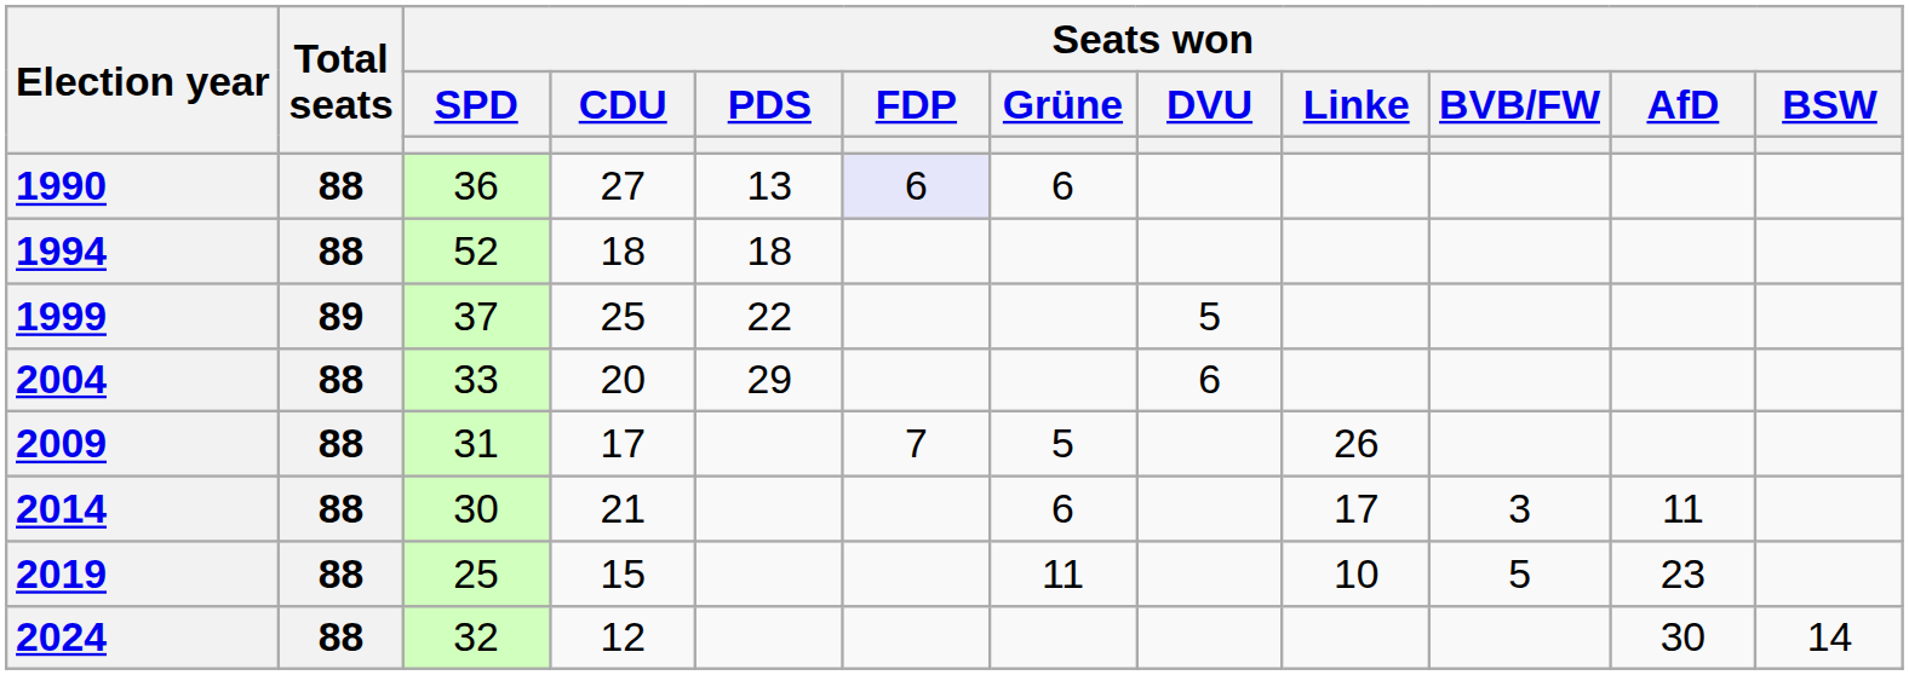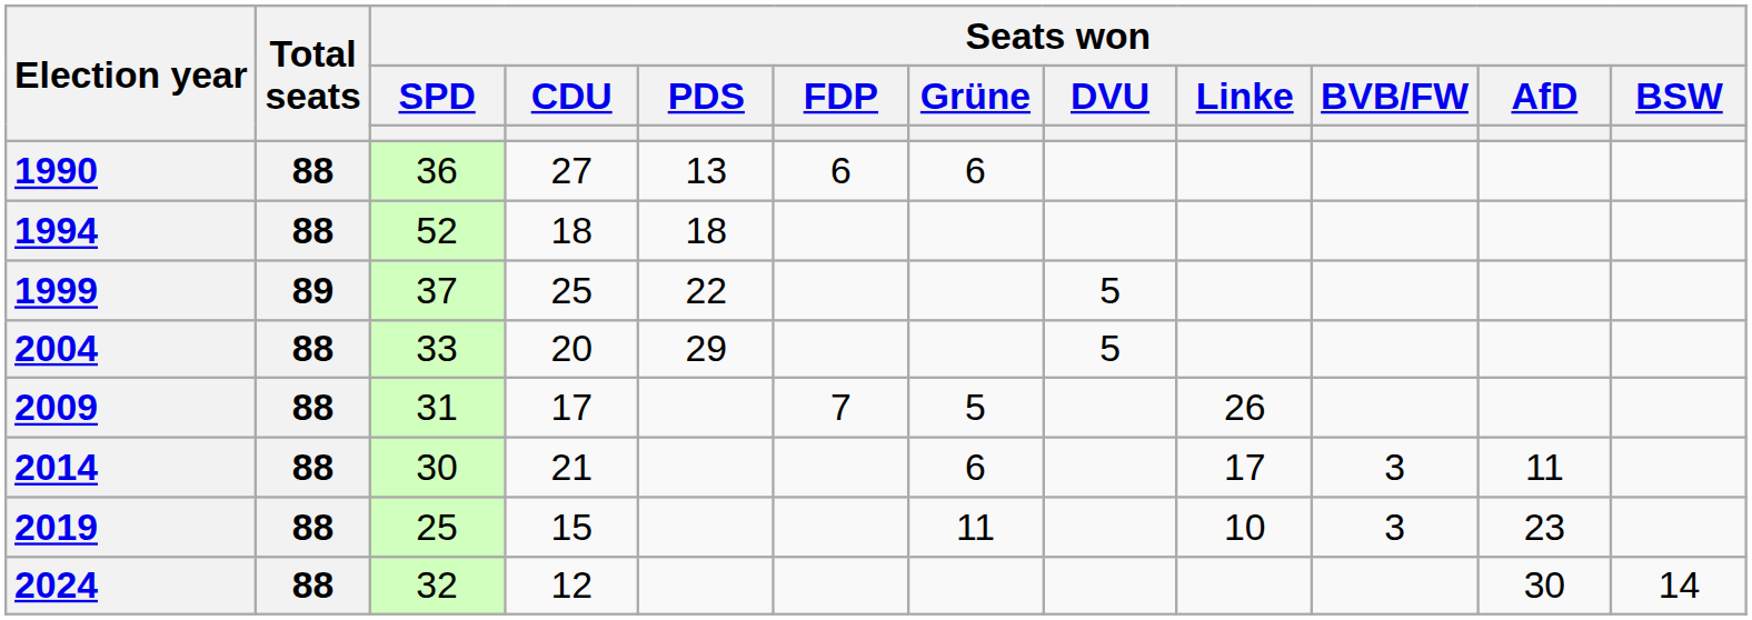 <table class="wikitable" style="text-align:center; font-size: 0.9em;">
 <tr>
 <th rowspan="3">Election year</th>
 <th rowspan="3">Total<br>seats</th>
 <th colspan="10">Seats won</th>
 </tr>
 <tr>
 <th class="unsortable" style="width:45px;"><a href='#'>SPD</a></th>
 <th class="unsortable" style="width:45px;"><a href='#'>CDU</a></th>
 <th class="unsortable" style="width:45px;"><a href='#'>PDS</a></th>
 <th class="unsortable" style="width:45px;"><a href='#'>FDP</a></th>
 <th class="unsortable" style="width:45px;"><a href='#'>Grüne</a></th>
 <th class="unsortable" style="width:45px;"><a href='#'>DVU</a></th>
 <th class="unsortable" style="width:45px;"><a href='#'>Linke</a></th>
 <th class="unsortable" style="width:45px;"><a href='#'>BVB/FW</a></th>
 <th class="unsortable" style="width:45px;"><a href='#'>AfD</a></th>
 <th class="unsortable" style="width:45px;"><a href='#'>BSW</a></th>
 </tr>
 <tr>
 <th style="background:"></th>
 <th style="background:"></th>
 <th style="background:"></th>
 <th style="background:"></th>
 <th style="background:"></th>
 <th style="background:"></th>
 <th style="background:"></th>
 <th style="background:"></th>
 <th style="background:"></th>
 <th style="background:"></th>
 </tr>
 <tr>
 <th style="text-align: left;"><a href='#'>1990</a></th>
 <th>88</th>
 <td style="background:#d1ffbd;">36</td>
 <td>27</td>
 <td>13</td>
-<td style="background: lavender;">6</td>
+<td>6</td>
 <td>6</td>
 <td></td>
 <td></td>
 <td></td>
 <td></td>
 <td></td>
 </tr>
 <tr>
 <th style="text-align: left;"><a href='#'>1994</a></th>
 <th>88</th>
 <td style="background:#d1ffbd;">52</td>
 <td>18</td>
 <td>18</td>
 <td></td>
 <td></td>
 <td></td>
 <td></td>
 <td></td>
 <td></td>
 <td></td>
 </tr>
 <tr>
 <th style="text-align: left;"><a href='#'>1999</a></th>
 <th>89</th>
 <td style="background:#d1ffbd;">37</td>
 <td>25</td>
 <td>22</td>
 <td></td>
 <td></td>
 <td>5</td>
 <td></td>
 <td></td>
 <td></td>
 <td></td>
 </tr>
 <tr>
 <th style="text-align: left;"><a href='#'>2004</a></th>
 <th>88</th>
 <td style="background:#d1ffbd;">33</td>
 <td>20</td>
 <td>29</td>
 <td></td>
 <td></td>
-<td>6</td>
+<td>5</td>
 <td></td>
 <td></td>
 <td></td>
 <td></td>
 </tr>
 <tr>
 <th style="text-align: left;"><a href='#'>2009</a></th>
 <th>88</th>
 <td style="background:#d1ffbd;">31</td>
 <td>17</td>
 <td></td>
 <td>7</td>
 <td>5</td>
 <td></td>
 <td>26</td>
 <td></td>
 <td></td>
 <td></td>
 </tr>
 <tr>
 <th style="text-align: left;"><a href='#'>2014</a></th>
 <th>88</th>
 <td style="background:#d1ffbd;">30</td>
 <td>21</td>
 <td></td>
 <td></td>
 <td>6</td>
 <td></td>
 <td>17</td>
 <td>3</td>
 <td>11</td>
 <td></td>
 </tr>
 <tr>
 <th style="text-align: left;"><a href='#'>2019</a></th>
 <th>88</th>
 <td style="background:#d1ffbd;">25</td>
 <td>15</td>
 <td></td>
 <td></td>
 <td>11</td>
 <td></td>
 <td>10</td>
-<td>5</td>
+<td>3</td>
 <td>23</td>
 <td></td>
 </tr>
 <tr>
 <th style="text-align: left;"><a href='#'>2024</a></th>
 <th>88</th>
 <td style="background:#d1ffbd;">32</td>
 <td>12</td>
 <td></td>
 <td></td>
 <td></td>
 <td></td>
 <td></td>
 <td></td>
 <td>30</td>
 <td>14</td>
 </tr>
 </table>
